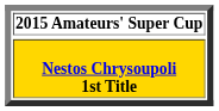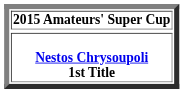 <table border="6" style="text-align:center;margin: 0 auto;">
 <tr>
 <th>2015 Amateurs' Super Cup</th>
 </tr>
 <tr>
 </tr>
 <tr>
-<td style="background: gold;"> <br><strong><a href='#'>Nestos Chrysoupoli</a></strong><br><strong>1st Title</strong></td>
+<td> <br><strong><a href='#'>Nestos Chrysoupoli</a></strong><br><strong>1st Title</strong></td>
 </tr>
 </table>
